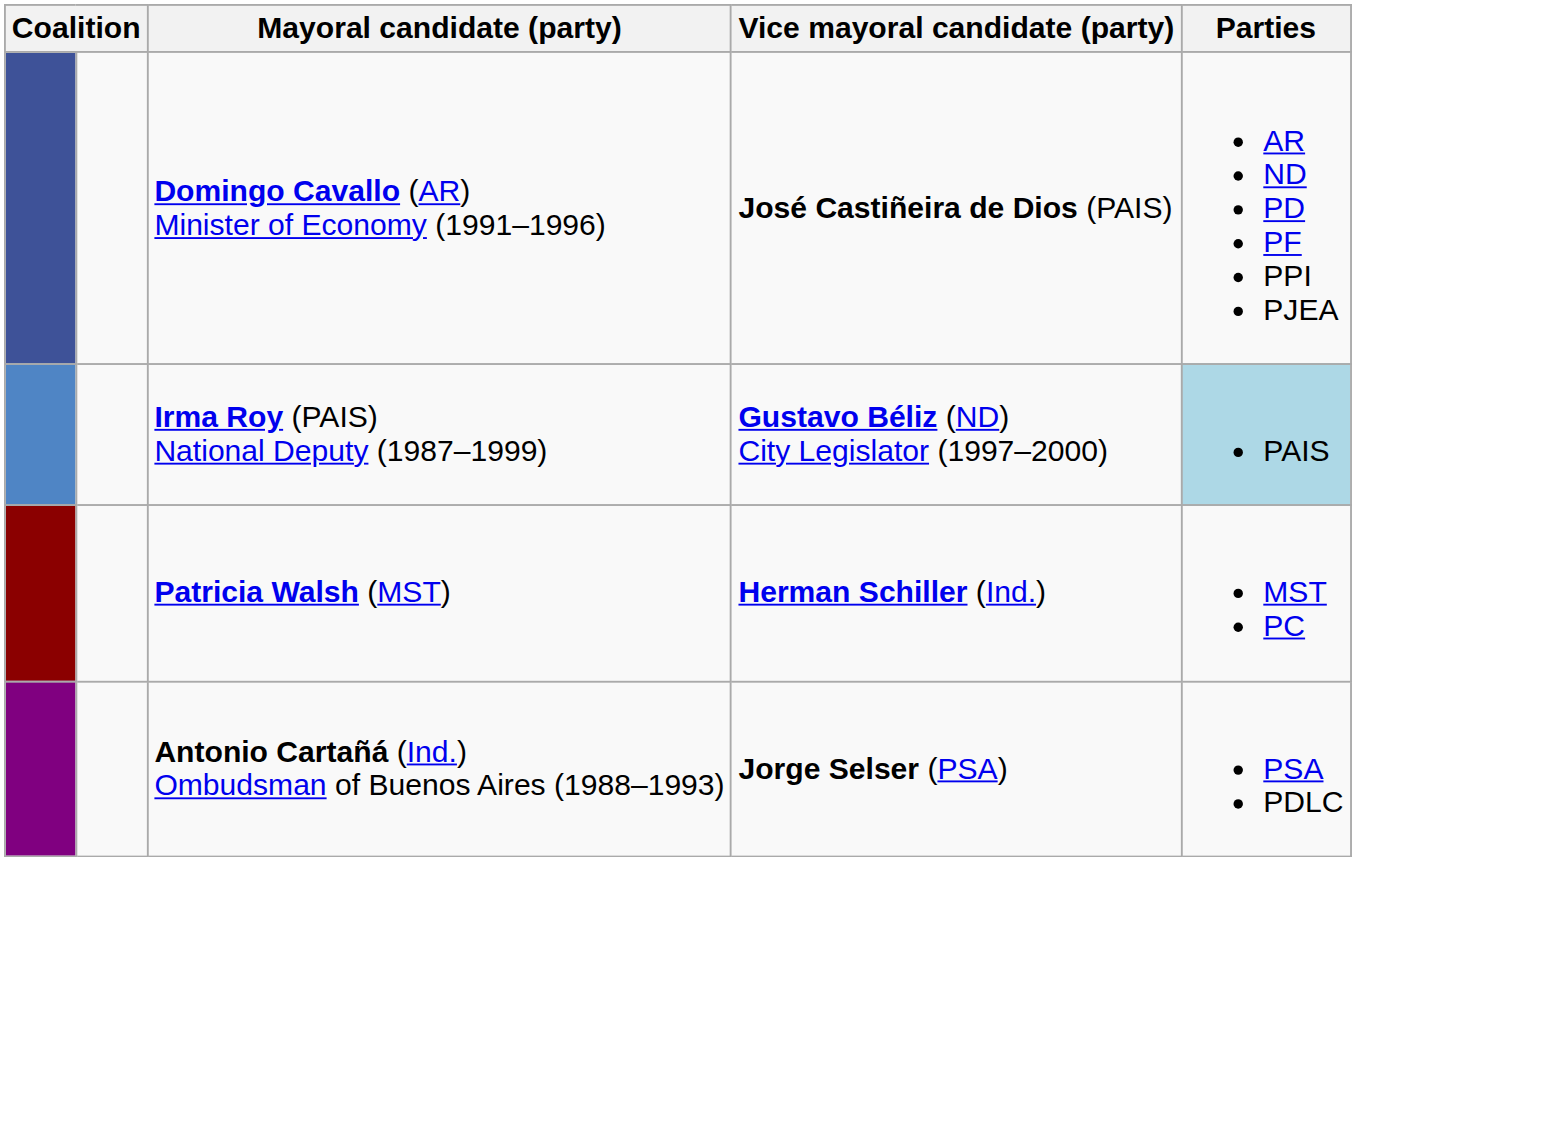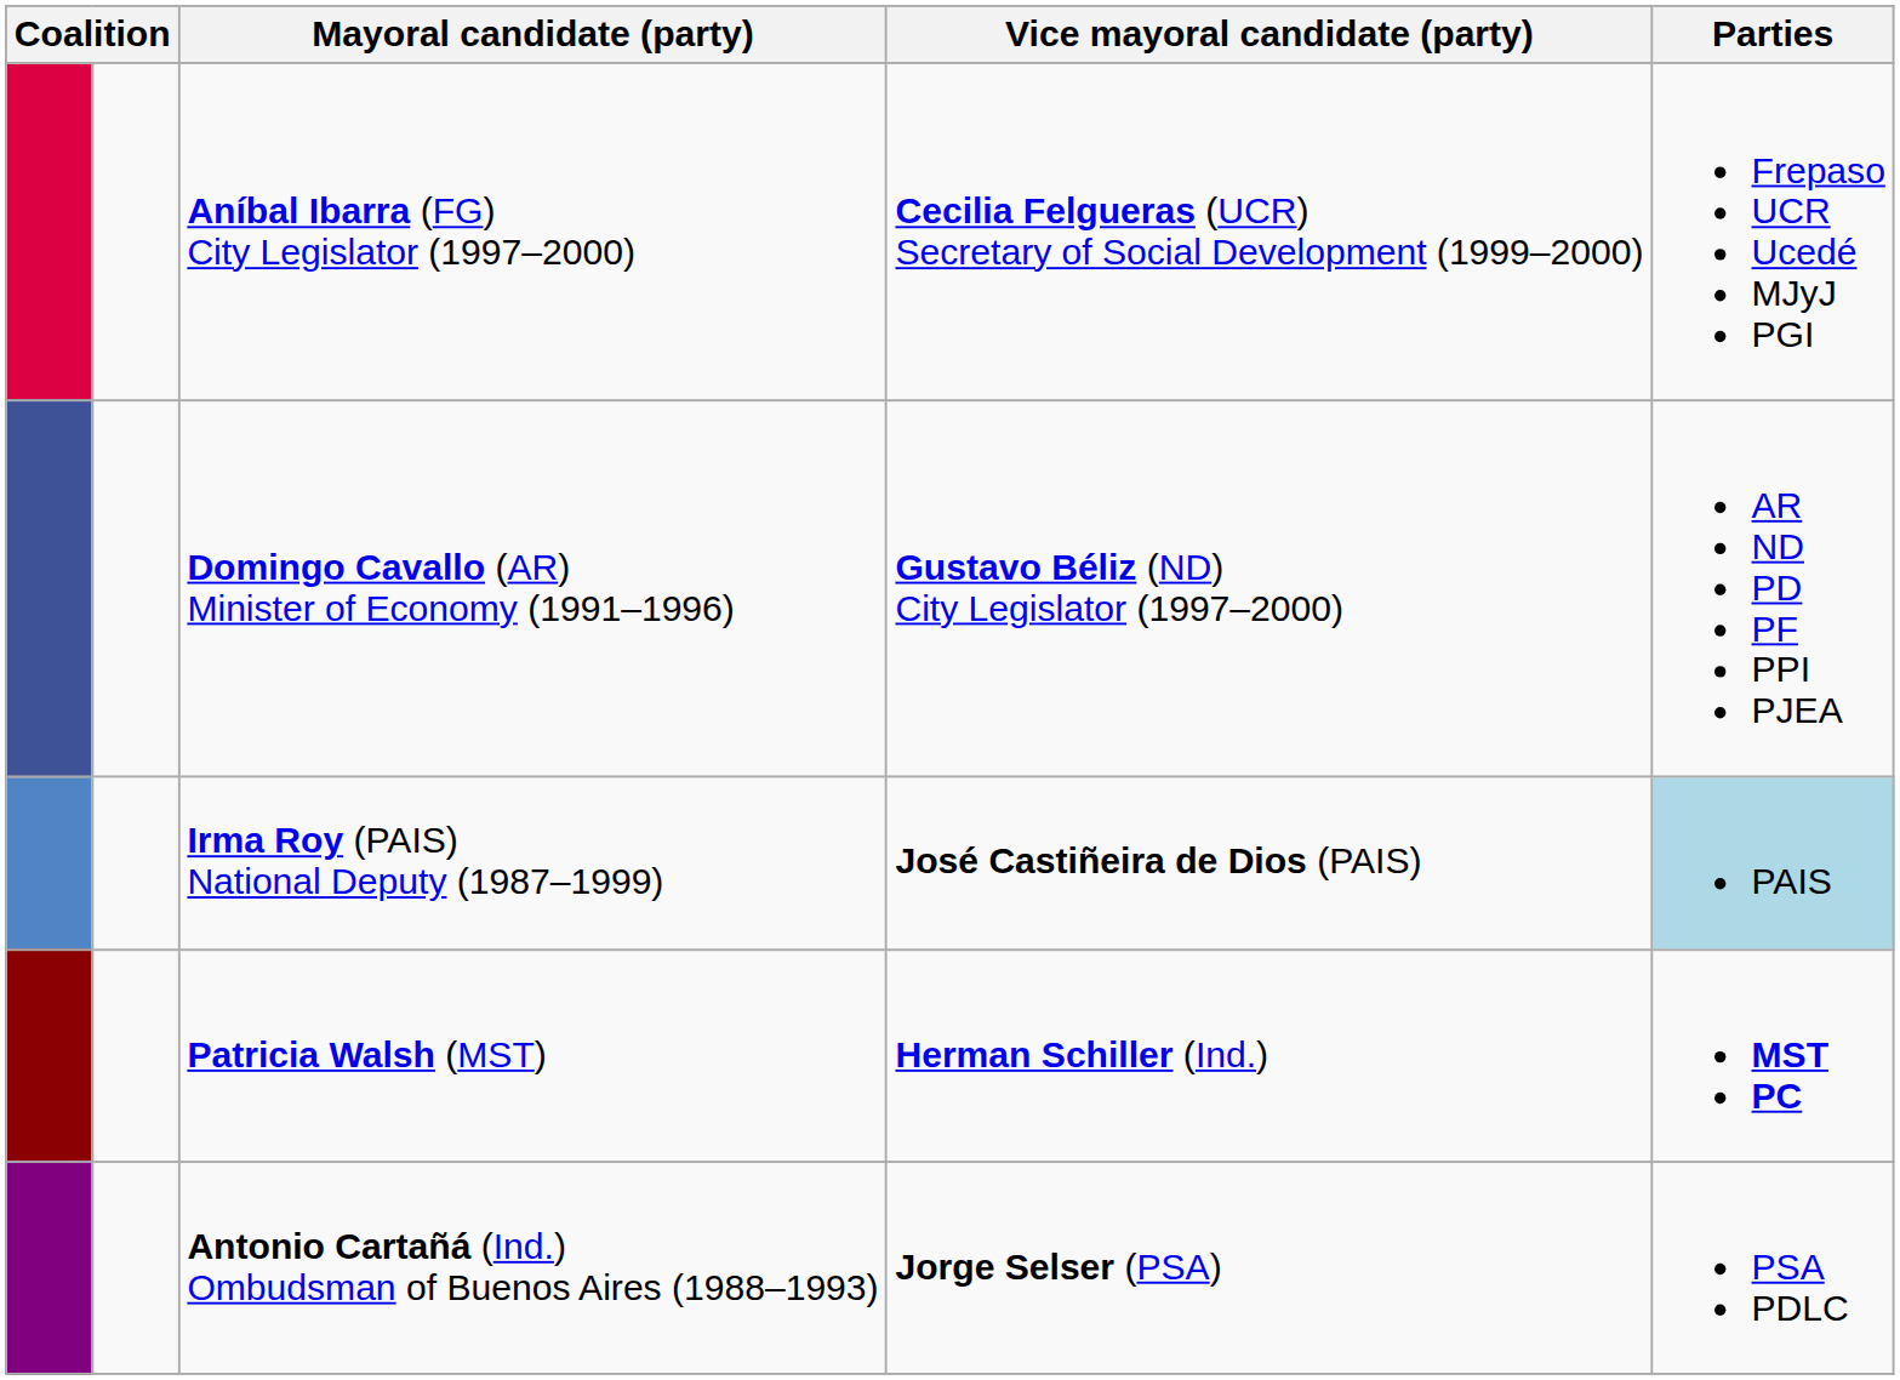 <table class="vertical-align-top wikitable">
 <tr>
 <th scope=colgroup colspan=2>Coalition</th>
 <th scope=colgroup>Mayoral candidate (party)<br></th>
 <th scope=colgroup>Vice mayoral candidate (party)<br></th>
 <th scope=col>Parties</th>
 </tr>
 <tr>
+<td style="background:#DC0143"></td>
+<td style="text-align:center; line-height:1.3"></td>
+<td><strong><a href='#'>Aníbal Ibarra</a></strong> (<a href='#'>FG</a>)<br><a href='#'>City Legislator</a> (1997–2000)</td>
+<td><strong><a href='#'>Cecilia Felgueras</a></strong> (<a href='#'>UCR</a>)<br><a href='#'>Secretary of Social Development</a> (1999–2000)</td>
+<td><br><ul><li><a href='#'>Frepaso</a></li><li><a href='#'>UCR</a></li><li><a href='#'>Ucedé</a></li><li>MJyJ</li><li>PGI</li></ul></td>
+</tr>
+<tr>
 <td style="background:#3E5298"></td>
 <td style="text-align:center; line-height:1.3"></td>
 <td><strong><a href='#'>Domingo Cavallo</a></strong> (<a href='#'>AR</a>)<br><a href='#'>Minister of Economy</a> (1991–1996)</td>
-<td><strong>José Castiñeira de Dios</strong> (PAIS)</td>
+<td><strong><a href='#'>Gustavo Béliz</a></strong> (<a href='#'>ND</a>)<br><a href='#'>City Legislator</a> (1997–2000)</td>
 <td><br><ul><li><a href='#'>AR</a></li><li><a href='#'>ND</a></li><li><a href='#'>PD</a></li><li><a href='#'>PF</a></li><li>PPI</li><li>PJEA</li></ul></td>
 </tr>
 <tr>
 <td style=background:#4F85C5></td>
 <td style="text-align:center; line-height:1.3"></td>
 <td><strong><a href='#'>Irma Roy</a></strong> (PAIS)<br><a href='#'>National Deputy</a> (1987–1999)</td>
-<td><strong><a href='#'>Gustavo Béliz</a></strong> (<a href='#'>ND</a>)<br><a href='#'>City Legislator</a> (1997–2000)</td>
+<td><strong>José Castiñeira de Dios</strong> (PAIS)</td>
 <td style="background: lightblue;"><br><ul><li>PAIS</li></ul></td>
 </tr>
 <tr>
 <td style="background:darkred"></td>
 <td style="text-align:center; line-height:1.3"></td>
 <td><strong><a href='#'>Patricia Walsh</a></strong> (<a href='#'>MST</a>)</td>
 <td><strong><a href='#'>Herman Schiller</a></strong> (<a href='#'>Ind.</a>)</td>
-<td><br><ul><li><a href='#'>MST</a></li><li><a href='#'>PC</a></li></ul></td>
+<td><strong><br><ul><li><a href='#'>MST</a></li><li><a href='#'>PC</a></li></ul></strong></td>
 </tr>
 <tr>
 <td style=background:purple></td>
 <td style="text-align:center; line-height:1.3"></td>
 <td><strong>Antonio Cartañá</strong> (<a href='#'>Ind.</a>)<br><a href='#'>Ombudsman</a> of Buenos Aires (1988–1993)</td>
 <td><strong>Jorge Selser</strong> (<a href='#'>PSA</a>)</td>
 <td><br><ul><li><a href='#'>PSA</a></li><li>PDLC</li></ul></td>
 </tr>
 </table>
